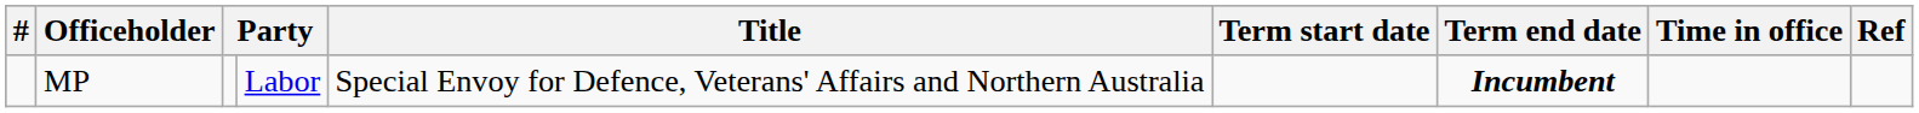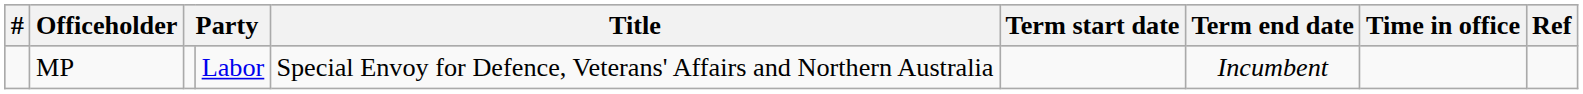 <table class='wikitable sortable'>
 <tr>
 <th>#</th>
 <th>Officeholder</th>
 <th colspan="2">Party</th>
 <th>Title</th>
 <th>Term start date</th>
 <th>Term end date</th>
 <th>Time in office</th>
 <th class="unsortable">Ref</th>
 </tr>
 <tr>
 <td align=center></td>
 <td> MP</td>
 <td></td>
 <td><a href='#'>Labor</a></td>
 <td>Special Envoy for Defence, Veterans' Affairs and Northern Australia</td>
 <td align=center></td>
-<td align=center><strong><em>Incumbent</em></strong></td>
+<td align=center><em>Incumbent</em></td>
 <td align=right></td>
 <td></td>
 </tr>
 </table>
